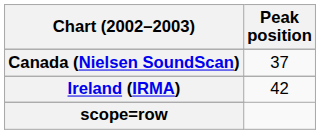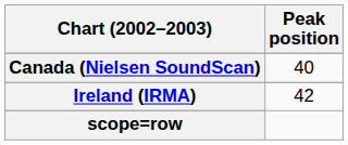 <table class="wikitable sortable plainrowheaders" style="text-align:center">
 <tr>
 <th scope="col">Chart (2002–2003)</th>
 <th scope="col">Peak<br> position</th>
 </tr>
 <tr>
 </tr>
 <tr>
 <th scope=row>Canada (<a href='#'>Nielsen SoundScan</a>)</th>
-<td style="text-align:center;">37</td>
+<td style="text-align:center;">40</td>
 </tr>
 <tr>
 </tr>
 <tr>
 </tr>
 <tr>
 </tr>
 <tr>
 <th scope="row"><a href='#'>Ireland</a> (<a href='#'>IRMA</a>)</th>
 <td align="center">42</td>
 </tr>
 <tr>
 </tr>
 <tr>
 </tr>
 <tr>
 </tr>
 <tr>
 </tr>
 <tr>
 <th>scope=row</th>
 </tr>
 </table>
